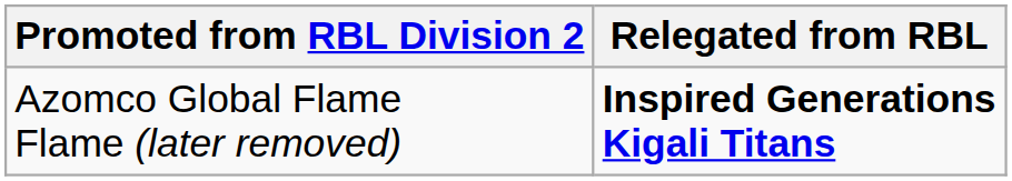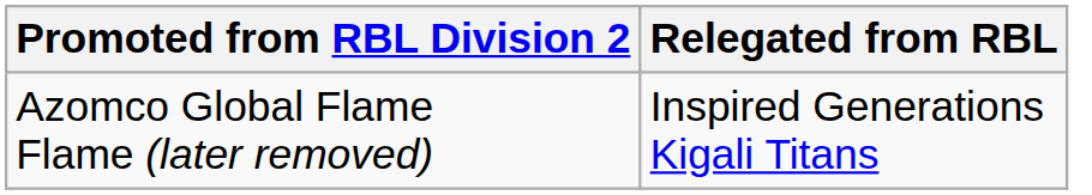 <table class="wikitable">
 <tr>
 <th> Promoted from <a href='#'>RBL Division 2</a></th>
 <th> Relegated from RBL</th>
 </tr>
 <tr>
 <td>Azomco Global Flame<br>Flame <em>(later removed)</em></td>
-<td><strong>Inspired Generations<br><a href='#'>Kigali Titans</a></strong></td>
+<td>Inspired Generations<br><a href='#'>Kigali Titans</a></td>
 </tr>
 </table>
